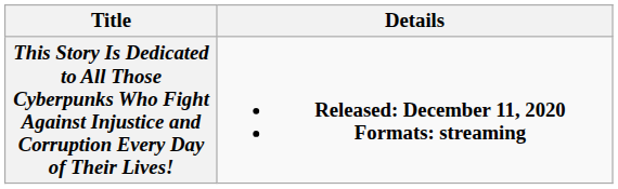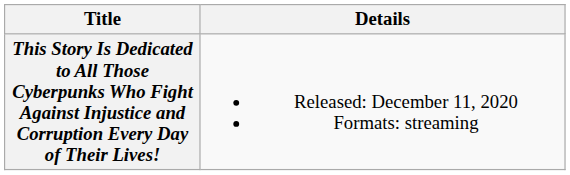 <table class="wikitable plainrowheaders" style="text-align:center">
 <tr>
 <th scope="col" style="width:10em;">Title</th>
 <th scope="col" style="width:19em;">Details</th>
 </tr>
 <tr>
 <th scope="row"><em>This Story Is Dedicated to All Those Cyberpunks Who Fight Against Injustice and Corruption Every Day of Their Lives!</em></th>
-<td><strong><br><ul><li>Released: December 11, 2020</li><li>Formats: streaming</li></ul></strong></td>
+<td><br><ul><li>Released: December 11, 2020</li><li>Formats: streaming</li></ul></td>
 </tr>
 </table>
